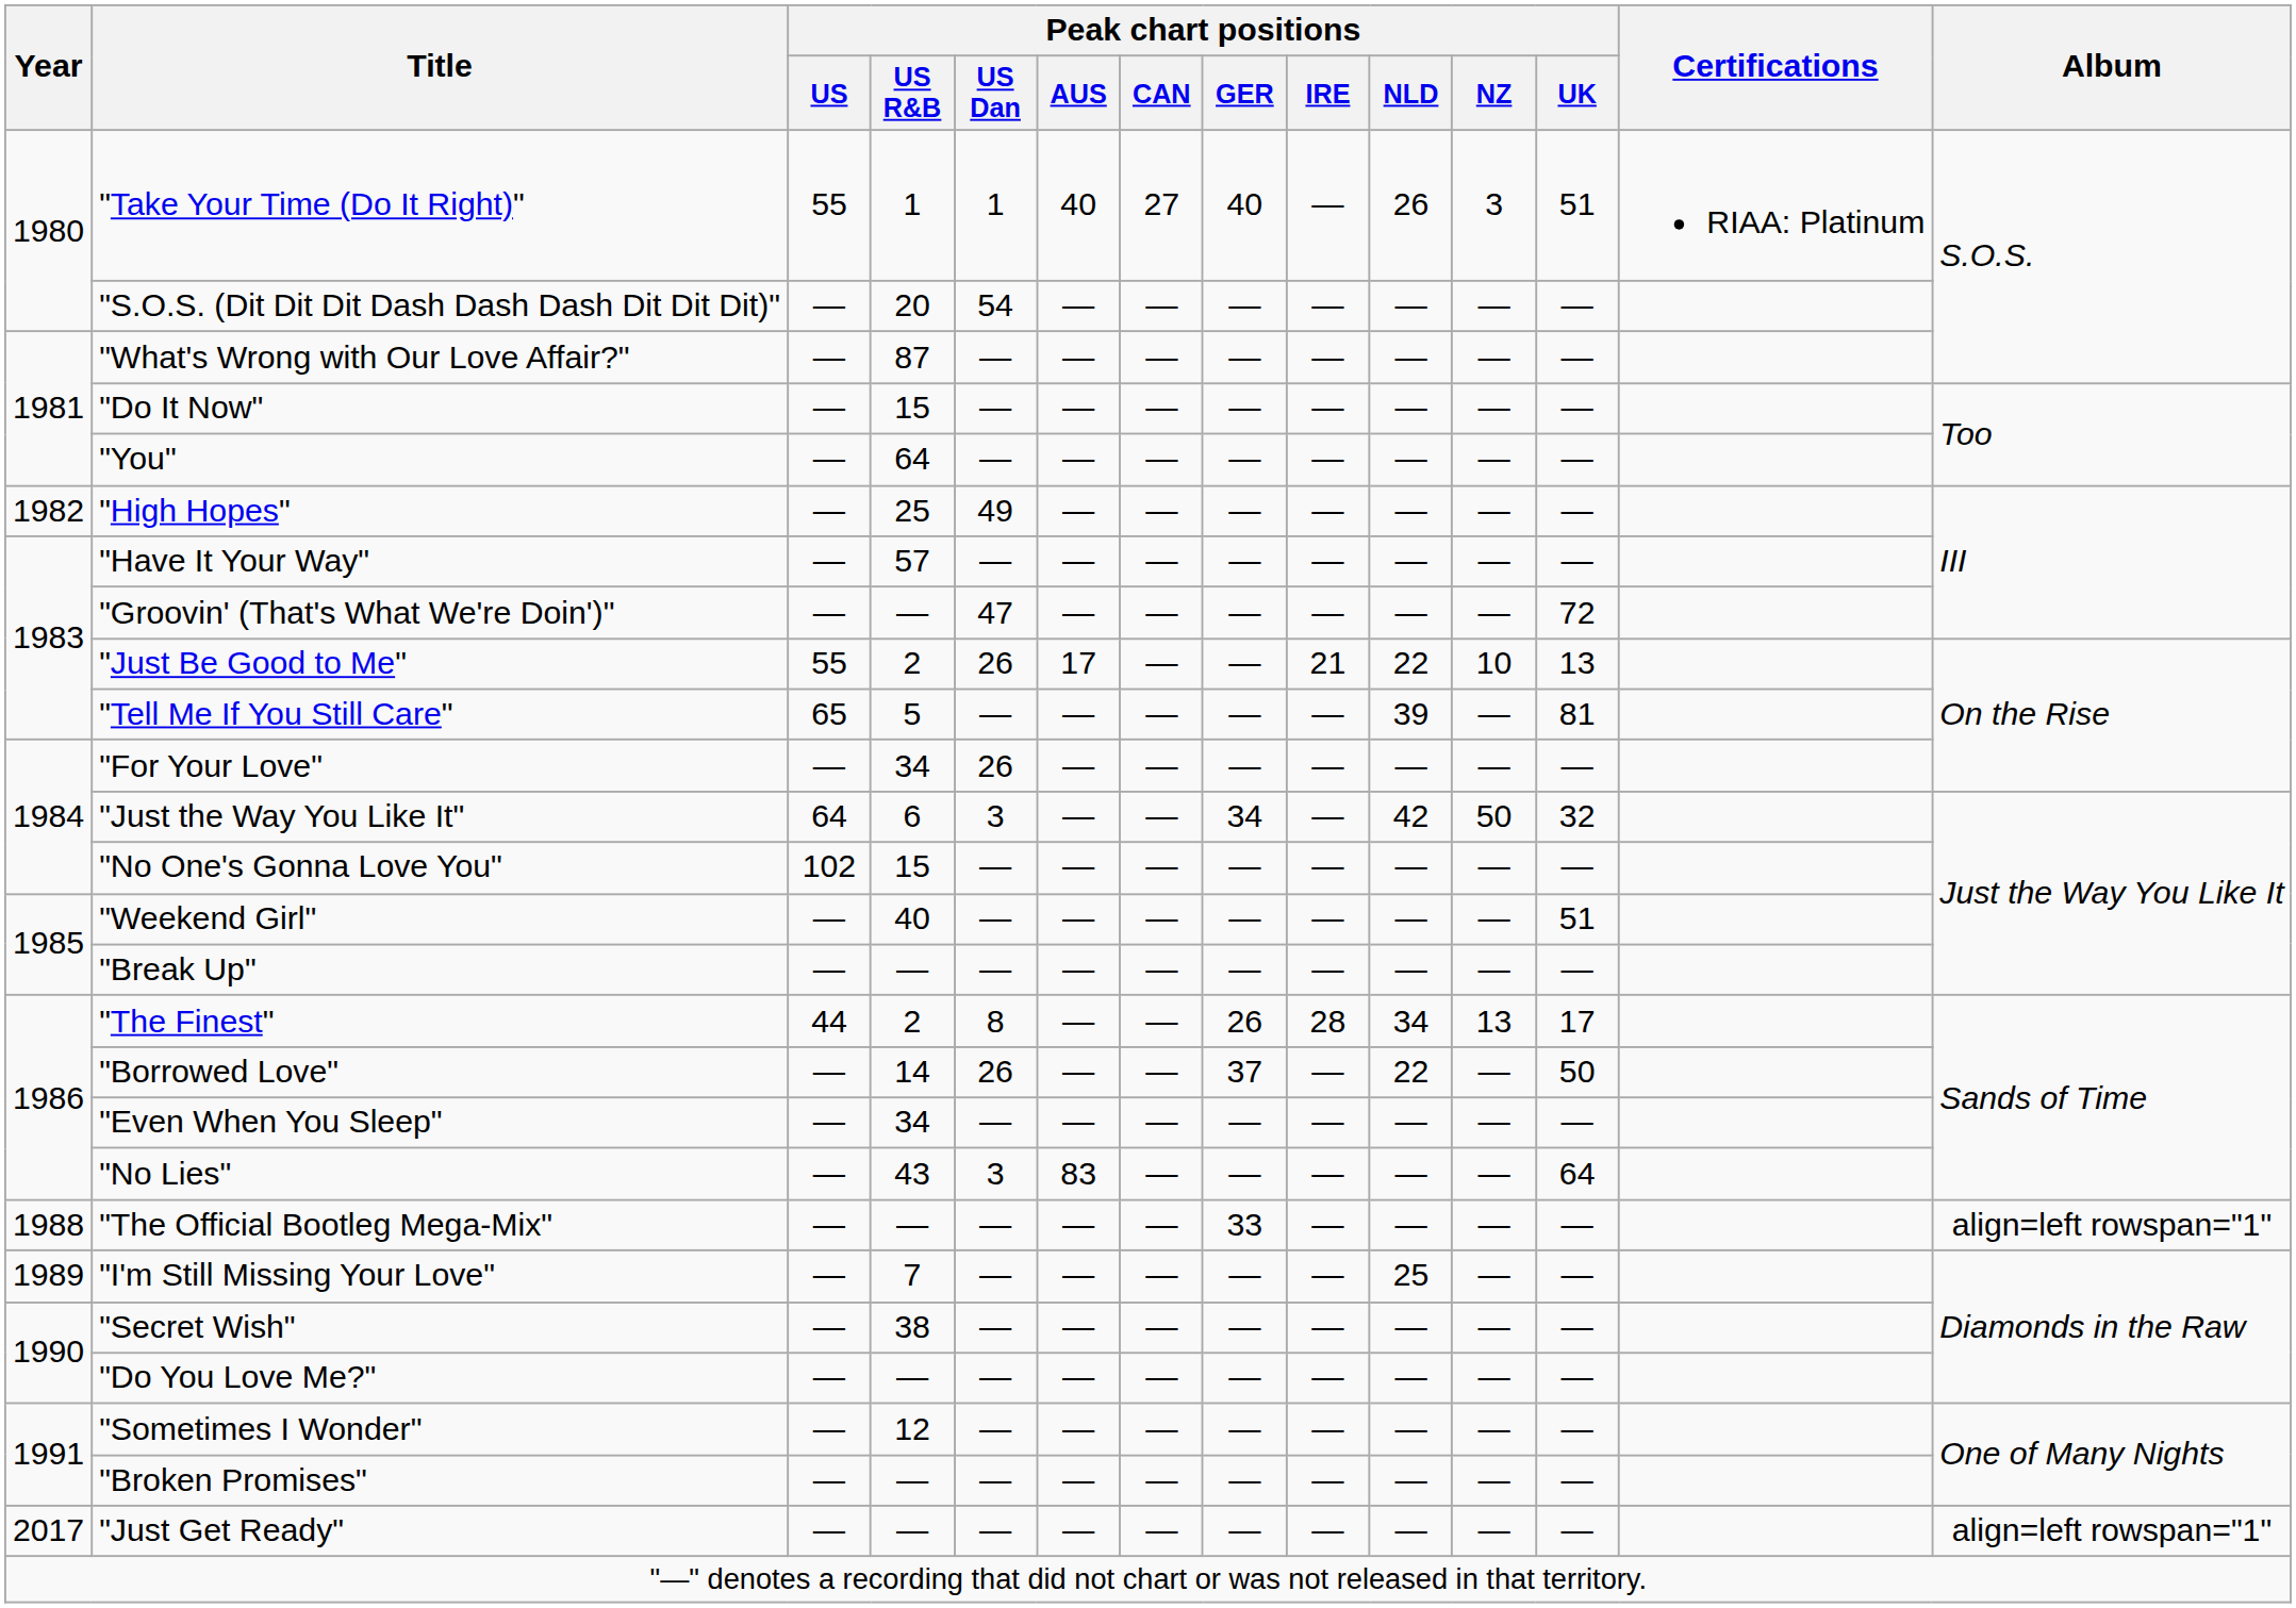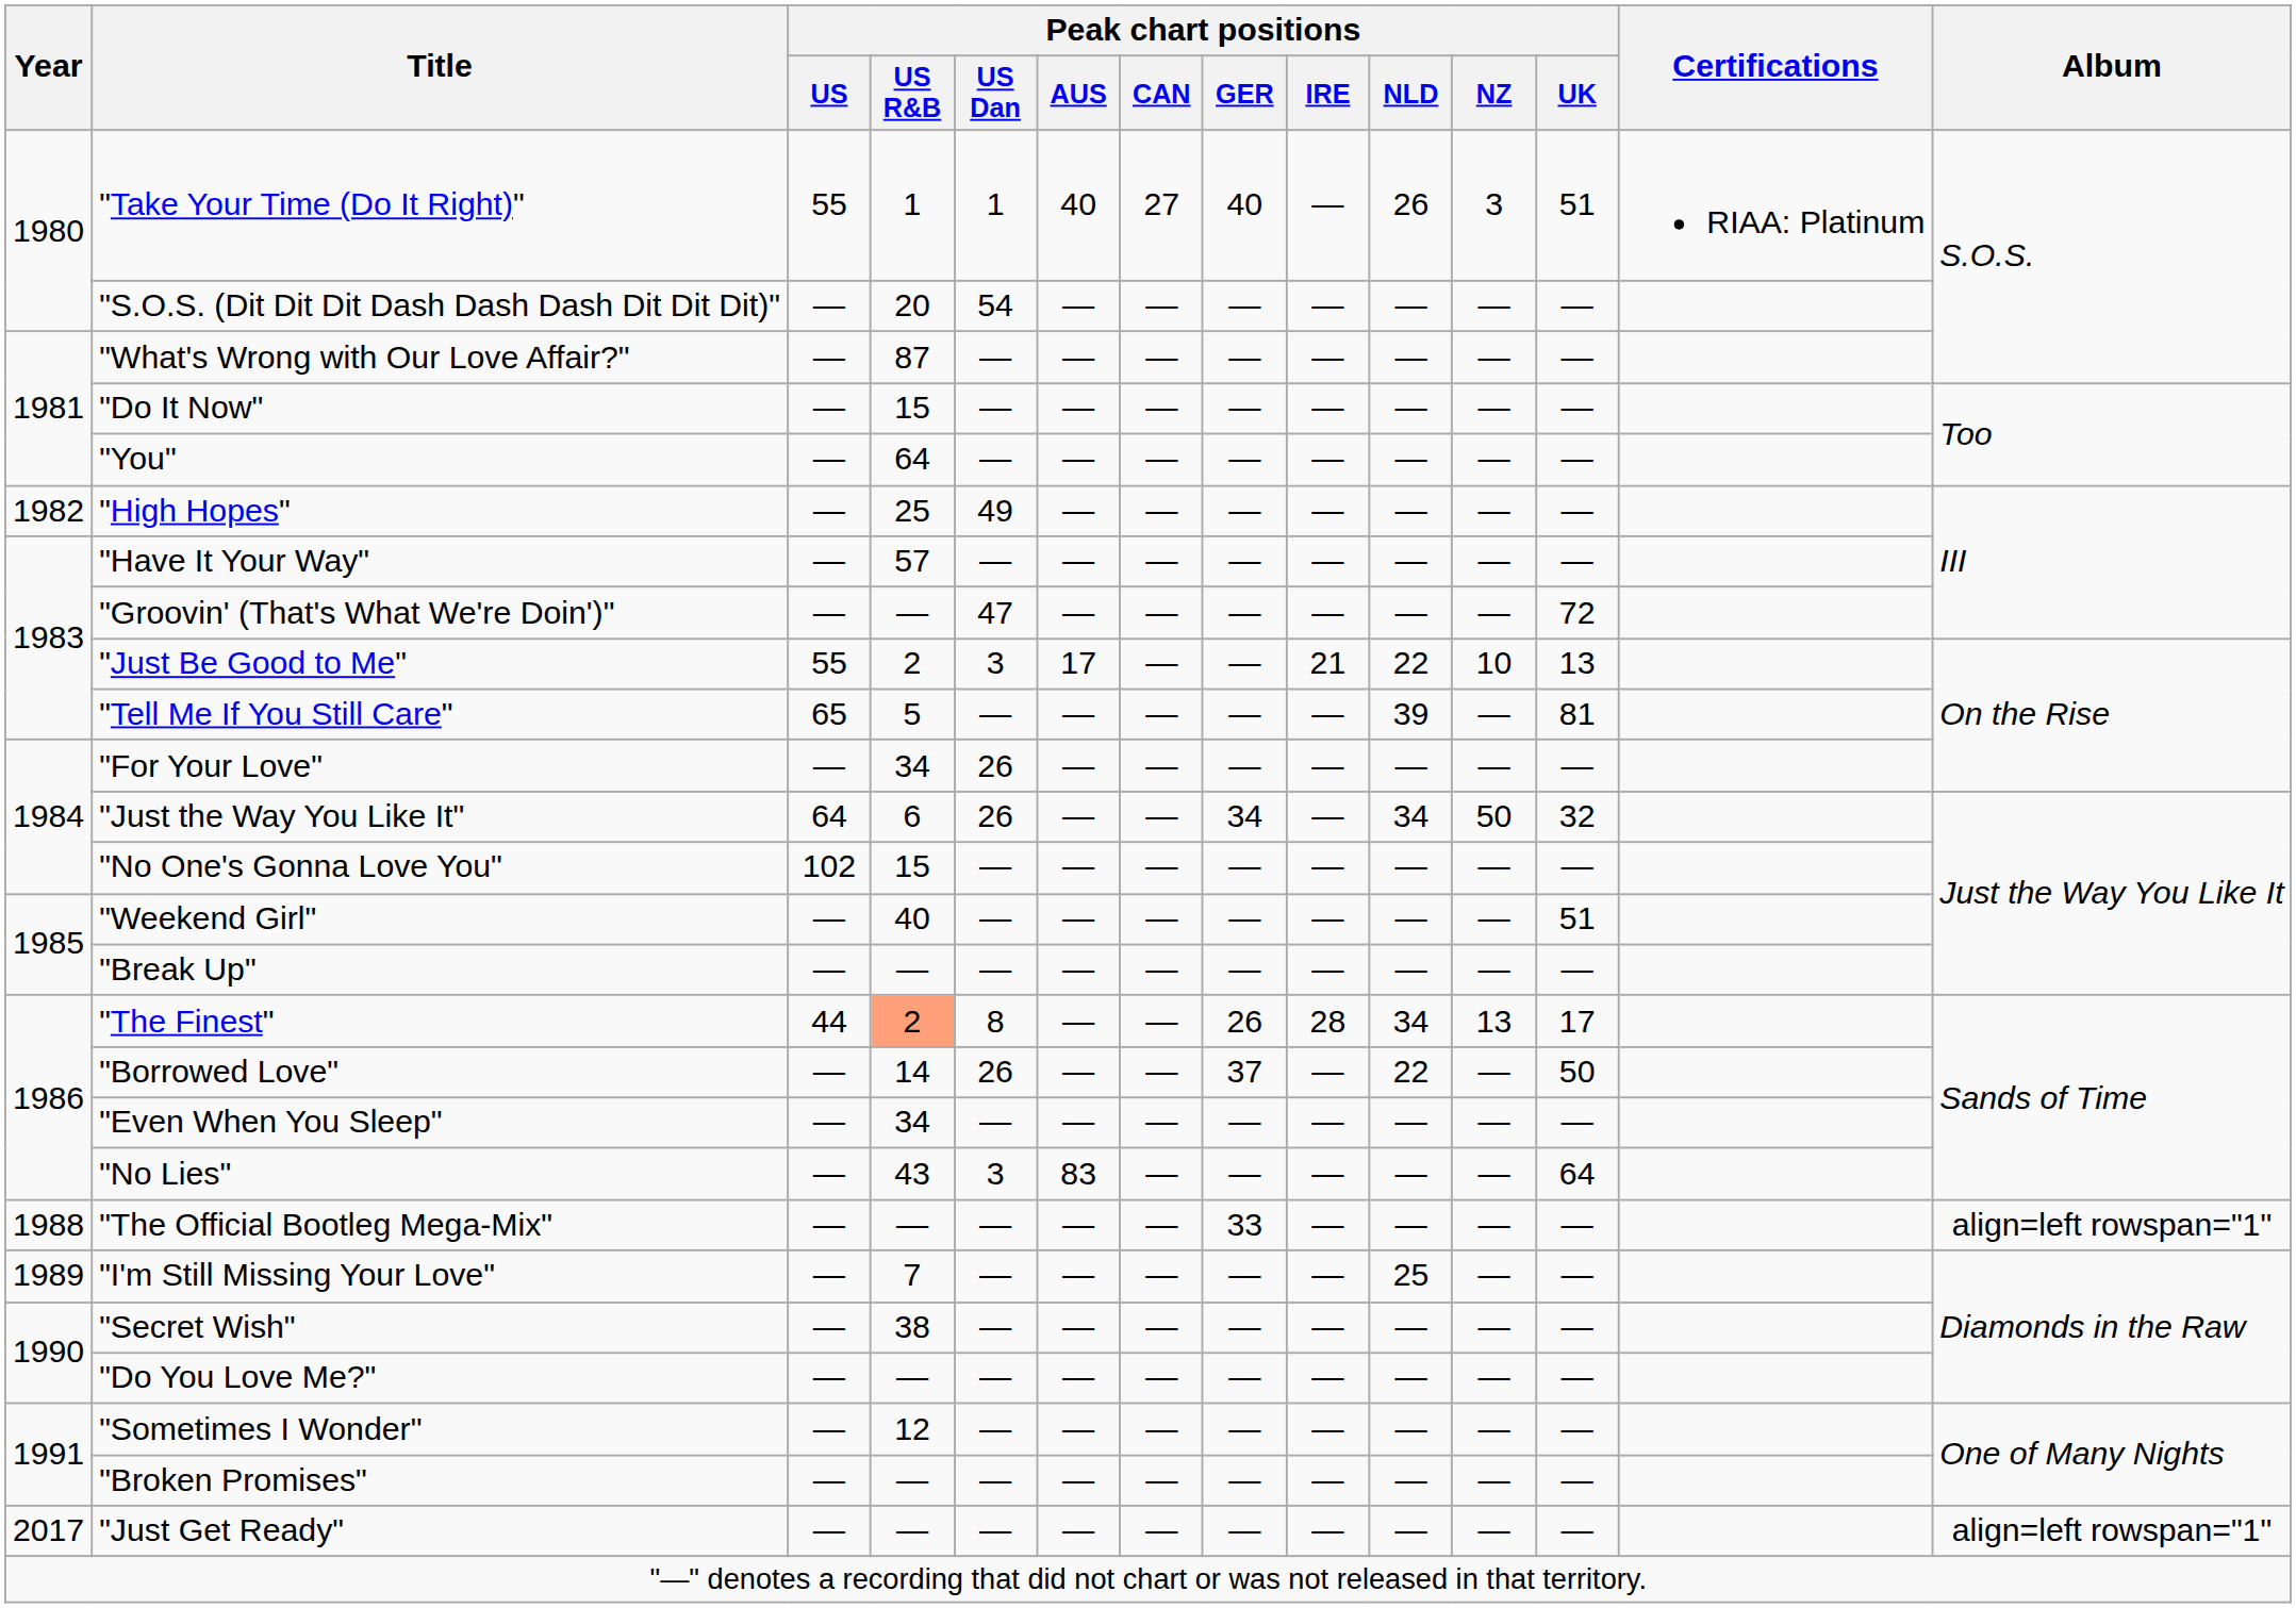 <table class="wikitable" style="text-align:center;">
 <tr>
 <th rowspan="2">Year</th>
 <th rowspan="2">Title</th>
 <th colspan="10">Peak chart positions</th>
 <th rowspan="2"><a href='#'>Certifications</a></th>
 <th rowspan="2">Album</th>
 </tr>
 <tr style="font-size:smaller;">
 <th width="35"><a href='#'>US</a><br></th>
 <th width="35"><a href='#'>US<br>R&B</a><br></th>
 <th width="35"><a href='#'>US<br>Dan</a><br></th>
 <th width="35"><a href='#'>AUS</a><br></th>
 <th width="35"><a href='#'>CAN</a><br></th>
 <th width="35"><a href='#'>GER</a><br></th>
 <th width="35"><a href='#'>IRE</a><br></th>
 <th width="35"><a href='#'>NLD</a><br></th>
 <th width="35"><a href='#'>NZ</a><br></th>
 <th width="35"><a href='#'>UK</a><br></th>
 </tr>
 <tr>
 <td rowspan="2">1980</td>
 <td align="left">"<a href='#'>Take Your Time (Do It Right)</a>"</td>
 <td>55</td>
 <td>1</td>
 <td>1</td>
 <td>40</td>
 <td>27</td>
 <td>40</td>
 <td>—</td>
 <td>26</td>
 <td>3</td>
 <td>51</td>
 <td align=left><br><ul><li>RIAA: Platinum</li></ul></td>
 <td align=left rowspan="3"><em>S.O.S.</em></td>
 </tr>
 <tr>
 <td align="left">"S.O.S. (Dit Dit Dit Dash Dash Dash Dit Dit Dit)"</td>
 <td>—</td>
 <td>20</td>
 <td>54</td>
 <td>—</td>
 <td>—</td>
 <td>—</td>
 <td>—</td>
 <td>—</td>
 <td>—</td>
 <td>—</td>
 <td align=left></td>
 </tr>
 <tr>
 <td rowspan="3">1981</td>
 <td align="left">"What's Wrong with Our Love Affair?"</td>
 <td>—</td>
 <td>87</td>
 <td>—</td>
 <td>—</td>
 <td>—</td>
 <td>—</td>
 <td>—</td>
 <td>—</td>
 <td>—</td>
 <td>—</td>
 <td align=left></td>
 </tr>
 <tr>
 <td align="left">"Do It Now"</td>
 <td>—</td>
 <td>15</td>
 <td>—</td>
 <td>—</td>
 <td>—</td>
 <td>—</td>
 <td>—</td>
 <td>—</td>
 <td>—</td>
 <td>—</td>
 <td align=left></td>
 <td align=left rowspan="2"><em>Too</em></td>
 </tr>
 <tr>
 <td align="left">"You"</td>
 <td>—</td>
 <td>64</td>
 <td>—</td>
 <td>—</td>
 <td>—</td>
 <td>—</td>
 <td>—</td>
 <td>—</td>
 <td>—</td>
 <td>—</td>
 <td align=left></td>
 </tr>
 <tr>
 <td rowspan="1">1982</td>
 <td align="left">"<a href='#'>High Hopes</a>"</td>
 <td>—</td>
 <td>25</td>
 <td>49</td>
 <td>—</td>
 <td>—</td>
 <td>—</td>
 <td>—</td>
 <td>—</td>
 <td>—</td>
 <td>—</td>
 <td align=left></td>
 <td align=left rowspan="3"><em>III</em></td>
 </tr>
 <tr>
 <td rowspan="4">1983</td>
 <td align="left">"Have It Your Way"</td>
 <td>—</td>
 <td>57</td>
 <td>—</td>
 <td>—</td>
 <td>—</td>
 <td>—</td>
 <td>—</td>
 <td>—</td>
 <td>—</td>
 <td>—</td>
 <td align=left></td>
 </tr>
 <tr>
 <td align="left">"Groovin' (That's What We're Doin')"</td>
 <td>—</td>
 <td>—</td>
 <td>47</td>
 <td>—</td>
 <td>—</td>
 <td>—</td>
 <td>—</td>
 <td>—</td>
 <td>—</td>
 <td>72</td>
 <td align=left></td>
 </tr>
 <tr>
 <td align="left">"<a href='#'>Just Be Good to Me</a>"</td>
 <td>55</td>
 <td>2</td>
-<td>26</td>
+<td>3</td>
 <td>17</td>
 <td>—</td>
 <td>—</td>
 <td>21</td>
 <td>22</td>
 <td>10</td>
 <td>13</td>
 <td align=left></td>
 <td align=left rowspan="3"><em>On the Rise</em></td>
 </tr>
 <tr>
 <td align="left">"<a href='#'>Tell Me If You Still Care</a>"</td>
 <td>65</td>
 <td>5</td>
 <td>—</td>
 <td>—</td>
 <td>—</td>
 <td>—</td>
 <td>—</td>
 <td>39</td>
 <td>—</td>
 <td>81</td>
 <td align=left></td>
 </tr>
 <tr>
 <td rowspan="3">1984</td>
 <td align="left">"For Your Love"</td>
 <td>—</td>
 <td>34</td>
 <td>26</td>
 <td>—</td>
 <td>—</td>
 <td>—</td>
 <td>—</td>
 <td>—</td>
 <td>—</td>
 <td>—</td>
 <td align=left></td>
 </tr>
 <tr>
 <td align="left">"Just the Way You Like It"</td>
 <td>64</td>
 <td>6</td>
-<td>3</td>
+<td>26</td>
 <td>—</td>
 <td>—</td>
 <td>34</td>
 <td>—</td>
-<td>42</td>
+<td>34</td>
 <td>50</td>
 <td>32</td>
 <td align=left></td>
 <td align=left rowspan="4"><em>Just the Way You Like It</em></td>
 </tr>
 <tr>
 <td align="left">"No One's Gonna Love You"</td>
 <td>102</td>
 <td>15</td>
 <td>—</td>
 <td>—</td>
 <td>—</td>
 <td>—</td>
 <td>—</td>
 <td>—</td>
 <td>—</td>
 <td>—</td>
 <td align=left></td>
 </tr>
 <tr>
 <td rowspan="2">1985</td>
 <td align="left">"Weekend Girl"</td>
 <td>—</td>
 <td>40</td>
 <td>—</td>
 <td>—</td>
 <td>—</td>
 <td>—</td>
 <td>—</td>
 <td>—</td>
 <td>—</td>
 <td>51</td>
 <td align=left></td>
 </tr>
 <tr>
 <td align="left">"Break Up"</td>
 <td>—</td>
 <td>—</td>
 <td>—</td>
 <td>—</td>
 <td>—</td>
 <td>—</td>
 <td>—</td>
 <td>—</td>
 <td>—</td>
 <td>—</td>
 <td align=left></td>
 </tr>
 <tr>
 <td rowspan="4">1986</td>
 <td align="left">"<a href='#'>The Finest</a>"</td>
 <td>44</td>
-<td>2</td>
+<td style="background: lightsalmon;">2</td>
 <td>8</td>
 <td>—</td>
 <td>—</td>
 <td>26</td>
 <td>28</td>
 <td>34</td>
 <td>13</td>
 <td>17</td>
 <td align=left></td>
 <td align=left rowspan="4"><em>Sands of Time</em></td>
 </tr>
 <tr>
 <td align="left">"Borrowed Love"</td>
 <td>—</td>
 <td>14</td>
 <td>26</td>
 <td>—</td>
 <td>—</td>
 <td>37</td>
 <td>—</td>
 <td>22</td>
 <td>—</td>
 <td>50</td>
 <td align=left></td>
 </tr>
 <tr>
 <td align="left">"Even When You Sleep"</td>
 <td>—</td>
 <td>34</td>
 <td>—</td>
 <td>—</td>
 <td>—</td>
 <td>—</td>
 <td>—</td>
 <td>—</td>
 <td>—</td>
 <td>—</td>
 <td align=left></td>
 </tr>
 <tr>
 <td align="left">"No Lies"</td>
 <td>—</td>
 <td>43</td>
 <td>3</td>
 <td>83</td>
 <td>—</td>
 <td>—</td>
 <td>—</td>
 <td>—</td>
 <td>—</td>
 <td>64</td>
 <td align=left></td>
 </tr>
 <tr>
 <td rowspan="1">1988</td>
 <td align="left">"The Official Bootleg Mega-Mix"</td>
 <td>—</td>
 <td>—</td>
 <td>—</td>
 <td>—</td>
 <td>—</td>
 <td>33</td>
 <td>—</td>
 <td>—</td>
 <td>—</td>
 <td>—</td>
 <td align=left></td>
 <td>align=left rowspan="1" </td>
 </tr>
 <tr>
 <td rowspan="1">1989</td>
 <td align="left">"I'm Still Missing Your Love"</td>
 <td>—</td>
 <td>7</td>
 <td>—</td>
 <td>—</td>
 <td>—</td>
 <td>—</td>
 <td>—</td>
 <td>25</td>
 <td>—</td>
 <td>—</td>
 <td align=left></td>
 <td align=left rowspan="3"><em>Diamonds in the Raw</em></td>
 </tr>
 <tr>
 <td rowspan="2">1990</td>
 <td align="left">"Secret Wish"</td>
 <td>—</td>
 <td>38</td>
 <td>—</td>
 <td>—</td>
 <td>—</td>
 <td>—</td>
 <td>—</td>
 <td>—</td>
 <td>—</td>
 <td>—</td>
 <td align=left></td>
 </tr>
 <tr>
 <td align="left">"Do You Love Me?"</td>
 <td>—</td>
 <td>—</td>
 <td>—</td>
 <td>—</td>
 <td>—</td>
 <td>—</td>
 <td>—</td>
 <td>—</td>
 <td>—</td>
 <td>—</td>
 <td align=left></td>
 </tr>
 <tr>
 <td rowspan="2">1991</td>
 <td align="left">"Sometimes I Wonder"</td>
 <td>—</td>
 <td>12</td>
 <td>—</td>
 <td>—</td>
 <td>—</td>
 <td>—</td>
 <td>—</td>
 <td>—</td>
 <td>—</td>
 <td>—</td>
 <td align=left></td>
 <td align=left rowspan="2"><em>One of Many Nights</em></td>
 </tr>
 <tr>
 <td align="left">"Broken Promises"</td>
 <td>—</td>
 <td>—</td>
 <td>—</td>
 <td>—</td>
 <td>—</td>
 <td>—</td>
 <td>—</td>
 <td>—</td>
 <td>—</td>
 <td>—</td>
 <td align=left></td>
 </tr>
 <tr>
 <td rowspan="1">2017</td>
 <td align="left">"Just Get Ready"</td>
 <td>—</td>
 <td>—</td>
 <td>—</td>
 <td>—</td>
 <td>—</td>
 <td>—</td>
 <td>—</td>
 <td>—</td>
 <td>—</td>
 <td>—</td>
 <td align=left></td>
 <td>align=left rowspan="1" </td>
 </tr>
 <tr>
 <td colspan="15" style="font-size:90%">"—" denotes a recording that did not chart or was not released in that territory.</td>
 </tr>
 </table>
